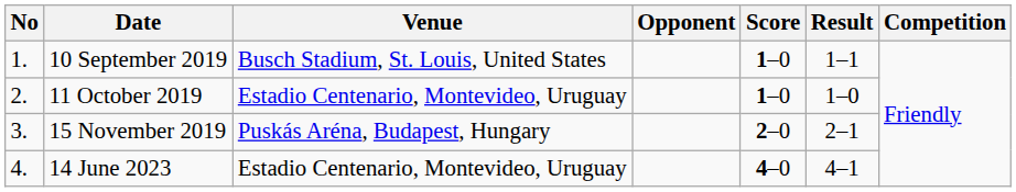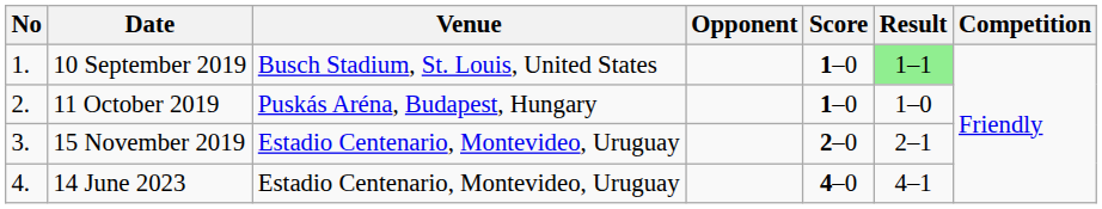 <table class="wikitable" style="font-size:100%;">
 <tr>
 <th>No</th>
 <th>Date</th>
 <th>Venue</th>
 <th>Opponent</th>
 <th>Score</th>
 <th>Result</th>
 <th>Competition</th>
 </tr>
 <tr>
 <td>1.</td>
 <td>10 September 2019</td>
 <td><a href='#'>Busch Stadium</a>, <a href='#'>St. Louis</a>, United States</td>
 <td></td>
 <td align=center><strong>1</strong>–0</td>
-<td align=center>1–1</td>
+<td align=center style="background: lightgreen;">1–1</td>
 <td rowspan=4><a href='#'>Friendly</a></td>
 </tr>
 <tr>
 <td>2.</td>
 <td>11 October 2019</td>
-<td><a href='#'>Estadio Centenario</a>, <a href='#'>Montevideo</a>, Uruguay</td>
+<td><a href='#'>Puskás Aréna</a>, <a href='#'>Budapest</a>, Hungary</td>
 <td></td>
 <td align=center><strong>1</strong>–0</td>
 <td align=center>1–0</td>
 </tr>
 <tr>
 <td>3.</td>
 <td>15 November 2019</td>
-<td><a href='#'>Puskás Aréna</a>, <a href='#'>Budapest</a>, Hungary</td>
+<td><a href='#'>Estadio Centenario</a>, <a href='#'>Montevideo</a>, Uruguay</td>
 <td></td>
 <td align=center><strong>2</strong>–0</td>
 <td align=center>2–1</td>
 </tr>
 <tr>
 <td>4.</td>
 <td>14 June 2023</td>
 <td>Estadio Centenario, Montevideo, Uruguay</td>
 <td></td>
 <td align=center><strong>4</strong>–0</td>
 <td align=center>4–1</td>
 </tr>
 </table>
